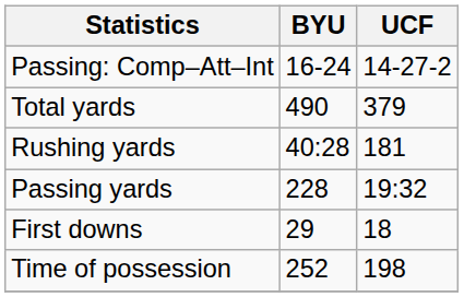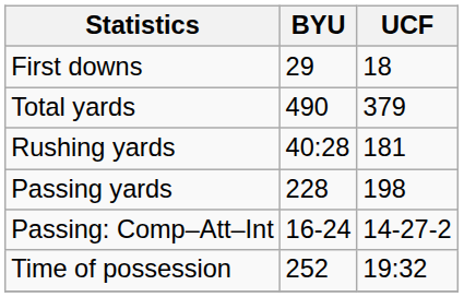 <table class="wikitable" style="float: left;">
 <tr>
 <th>Statistics</th>
 <th>BYU</th>
 <th>UCF</th>
 </tr>
 <tr>
-<td>Passing: Comp–Att–Int</td>
-<td>16-24</td>
-<td>14-27-2</td>
+<td>First downs</td>
+<td>29</td>
+<td>18</td>
 </tr>
 <tr>
 <td>Total yards</td>
 <td>490</td>
 <td>379</td>
 </tr>
 <tr>
 <td>Rushing yards</td>
 <td>40:28</td>
 <td>181</td>
 </tr>
 <tr>
 <td>Passing yards</td>
 <td>228</td>
-<td>19:32</td>
+<td>198</td>
 </tr>
 <tr>
-<td>First downs</td>
-<td>29</td>
-<td>18</td>
+<td>Passing: Comp–Att–Int</td>
+<td>16-24</td>
+<td>14-27-2</td>
 </tr>
 <tr>
 <td>Time of possession</td>
 <td>252</td>
-<td>198</td>
+<td>19:32</td>
 </tr>
 <tr>
 </tr>
 </table>
